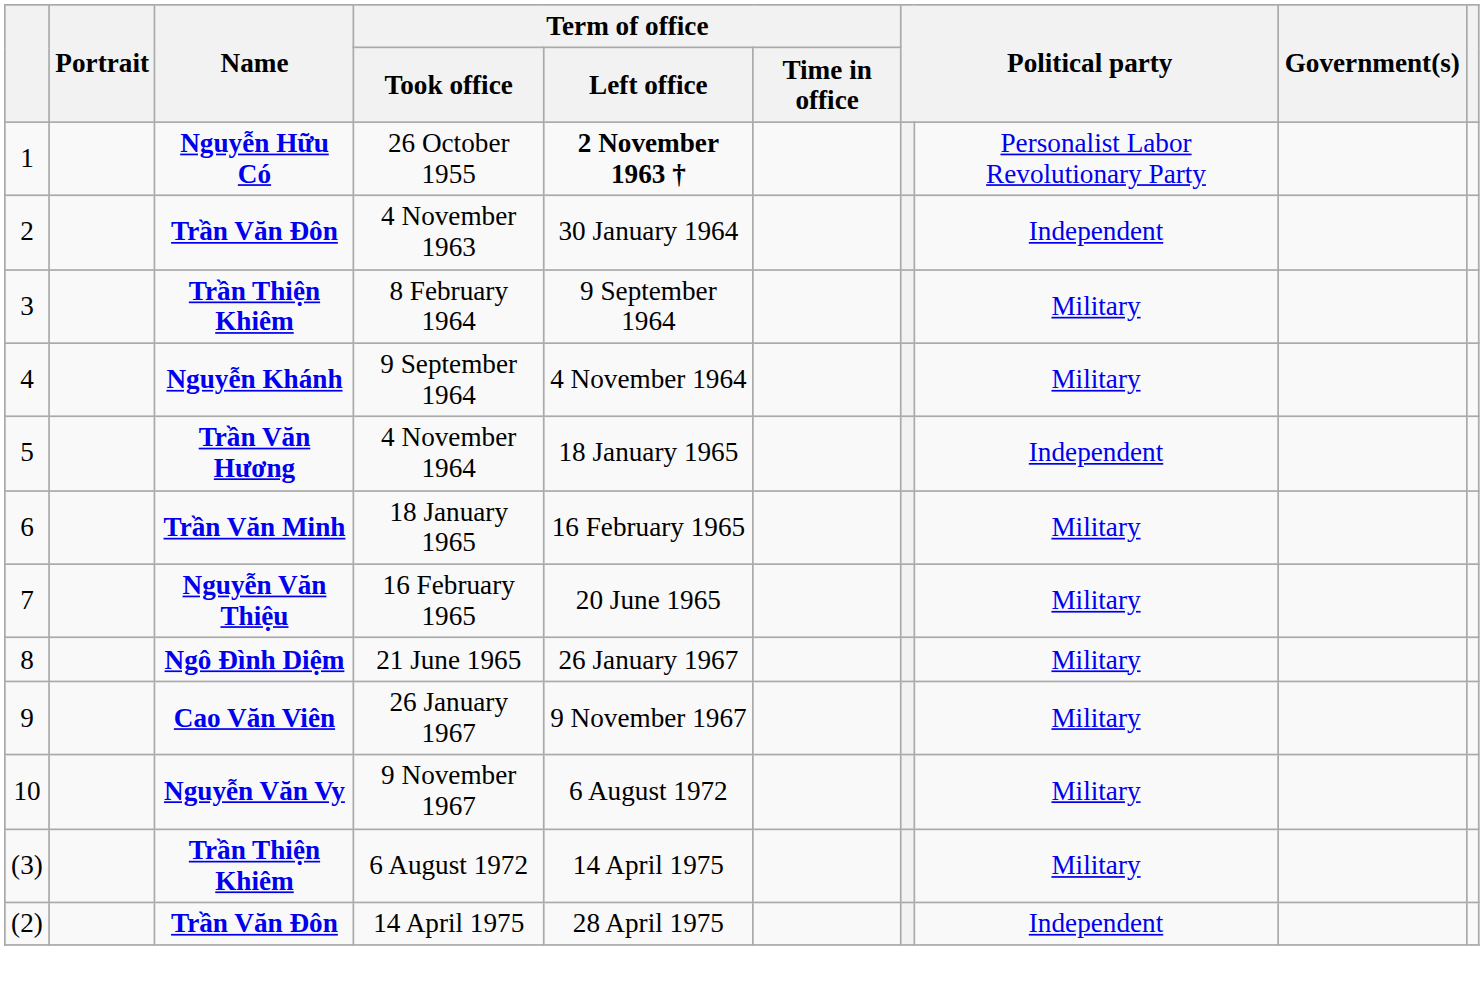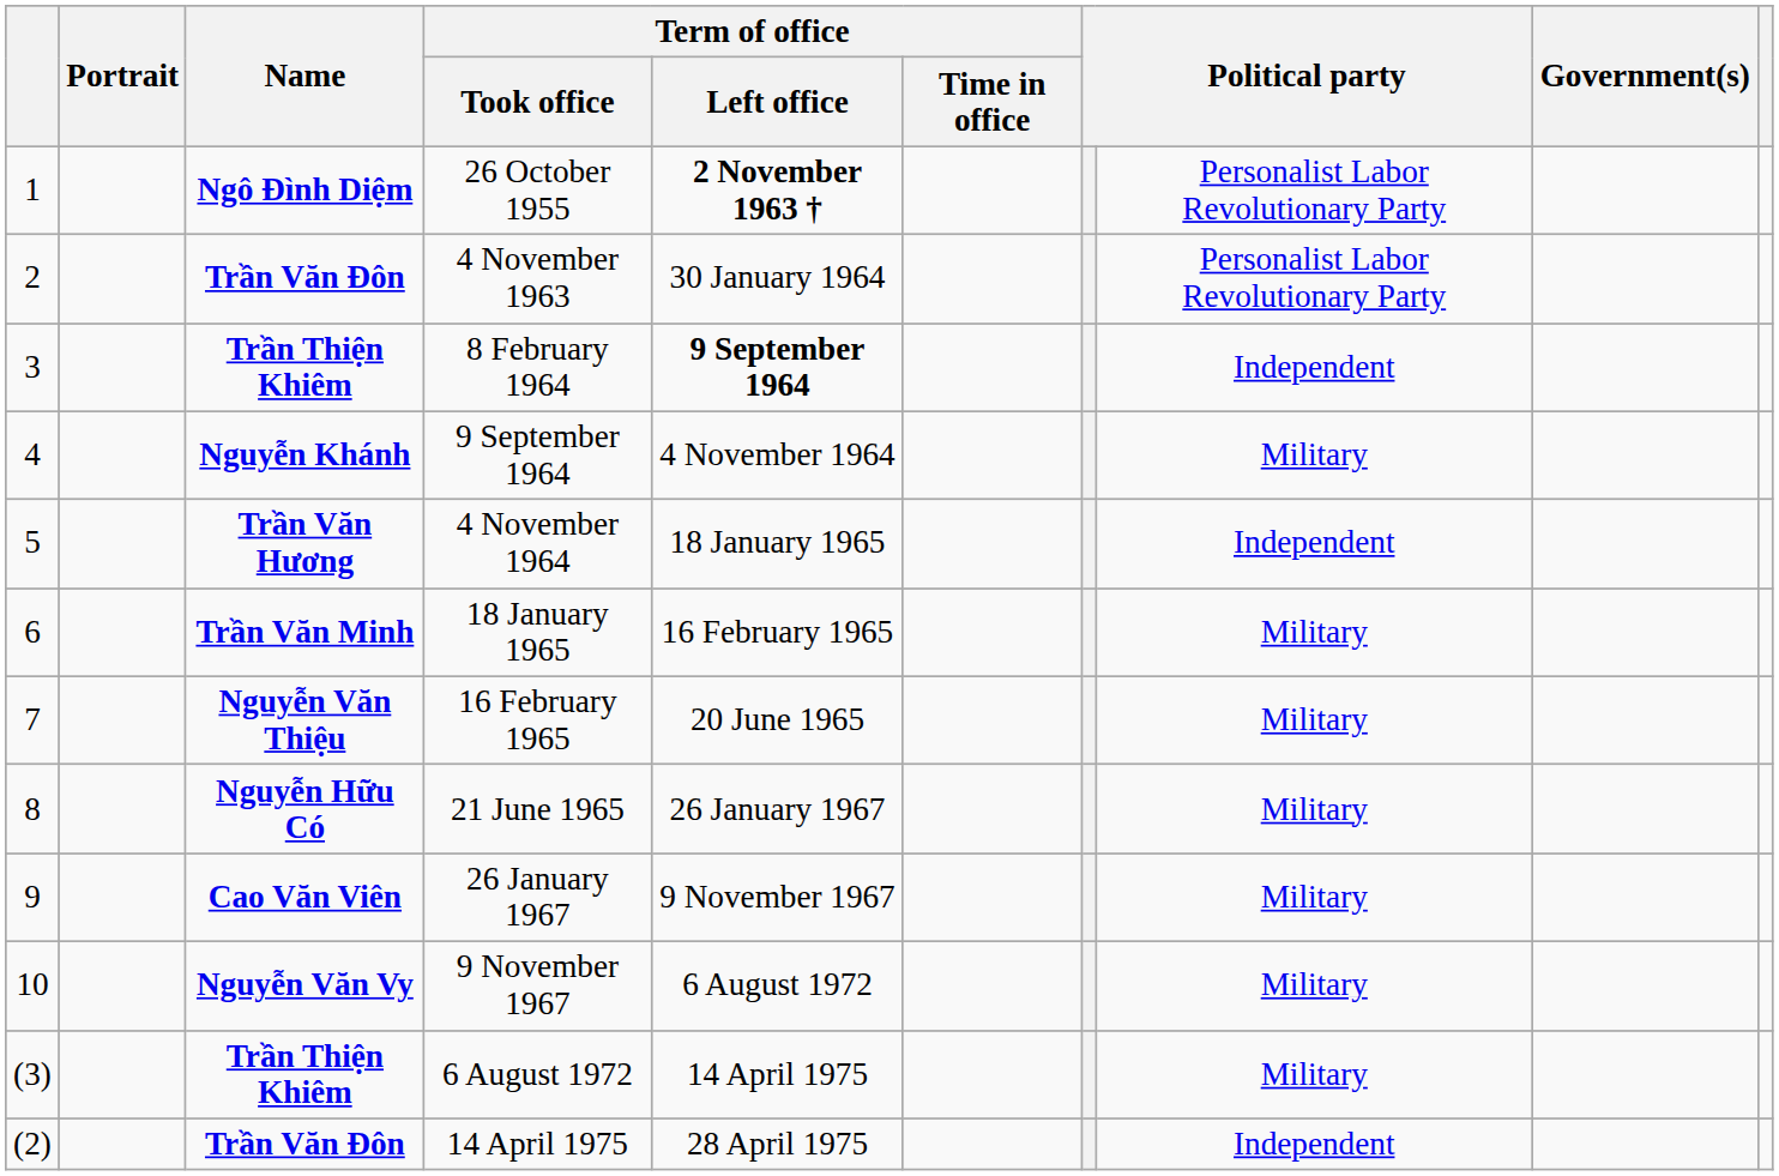 <table class="wikitable" style="text-align:center">
 <tr>
 <th rowspan=2></th>
 <th rowspan=2>Portrait</th>
 <th rowspan=2>Name<br></th>
 <th colspan=3>Term of office</th>
 <th colspan=2 rowspan=2>Political party</th>
 <th rowspan="2">Government(s)</th>
 <th rowspan="2"></th>
 </tr>
 <tr>
 <th>Took office</th>
 <th>Left office</th>
 <th>Time in office</th>
 </tr>
 <tr>
 <td>1</td>
 <td></td>
-<td><strong><a href='#'>Nguyễn Hữu Có</a></strong><br></td>
+<td><strong><a href='#'>Ngô Đình Diệm</a></strong><br></td>
 <td>26 October 1955</td>
 <td><strong>2 November 1963 †</strong></td>
 <td></td>
 <th style="background:"></th>
 <td><a href='#'>Personalist Labor Revolutionary Party</a></td>
 <td></td>
 <td></td>
 </tr>
 <tr>
 <td>2</td>
 <td></td>
 <td><strong><a href='#'>Trần Văn Đôn</a></strong><br></td>
 <td>4 November 1963</td>
 <td>30 January 1964</td>
 <td></td>
 <th style="background:"></th>
-<td><a href='#'>Independent</a></td>
+<td><a href='#'>Personalist Labor Revolutionary Party</a></td>
 <td></td>
 <td></td>
 </tr>
 <tr>
 <td>3</td>
 <td></td>
 <td><strong><a href='#'>Trần Thiện Khiêm</a></strong><br></td>
 <td>8 February 1964</td>
-<td>9 September 1964</td>
+<td><strong>9 September 1964</strong></td>
 <td></td>
 <th style="background:"></th>
-<td><a href='#'>Military</a></td>
+<td><a href='#'>Independent</a></td>
 <td></td>
 <td></td>
 </tr>
 <tr>
 <td>4</td>
 <td></td>
 <td><strong><a href='#'>Nguyễn Khánh</a></strong><br></td>
 <td>9 September 1964</td>
 <td>4 November 1964</td>
 <td></td>
 <th style="background:"></th>
 <td><a href='#'>Military</a></td>
 <td></td>
 <td></td>
 </tr>
 <tr>
 <td>5</td>
 <td></td>
 <td><strong><a href='#'>Trần Văn Hương</a></strong><br></td>
 <td>4 November 1964</td>
 <td>18 January 1965</td>
 <td></td>
 <th style="background:"></th>
 <td><a href='#'>Independent</a></td>
 <td></td>
 <td></td>
 </tr>
 <tr>
 <td>6</td>
 <td></td>
 <td><strong><a href='#'>Trần Văn Minh</a></strong><br></td>
 <td>18 January 1965</td>
 <td>16 February 1965</td>
 <td></td>
 <th style="background:"></th>
 <td><a href='#'>Military</a></td>
 <td></td>
 <td></td>
 </tr>
 <tr>
 <td>7</td>
 <td></td>
 <td><strong><a href='#'>Nguyễn Văn Thiệu</a></strong><br></td>
 <td>16 February 1965</td>
 <td>20 June 1965</td>
 <td></td>
 <th style="background:"></th>
 <td><a href='#'>Military</a></td>
 <td></td>
 <td></td>
 </tr>
 <tr>
 <td>8</td>
 <td></td>
-<td><strong><a href='#'>Ngô Đình Diệm</a></strong><br></td>
+<td><strong><a href='#'>Nguyễn Hữu Có</a></strong><br></td>
 <td>21 June 1965</td>
 <td>26 January 1967</td>
 <td></td>
 <th style="background:"></th>
 <td><a href='#'>Military</a></td>
 <td></td>
 <td></td>
 </tr>
 <tr>
 <td>9</td>
 <td></td>
 <td><strong><a href='#'>Cao Văn Viên</a></strong><br></td>
 <td>26 January 1967</td>
 <td>9 November 1967</td>
 <td></td>
 <th style="background:"></th>
 <td><a href='#'>Military</a></td>
 <td></td>
 <td></td>
 </tr>
 <tr>
 <td>10</td>
 <td></td>
 <td><strong><a href='#'>Nguyễn Văn Vy</a></strong><br></td>
 <td>9 November 1967</td>
 <td>6 August 1972</td>
 <td></td>
 <th style="background:"></th>
 <td><a href='#'>Military</a></td>
 <td></td>
 <td></td>
 </tr>
 <tr>
 <td>(3)</td>
 <td></td>
 <td><strong><a href='#'>Trần Thiện Khiêm</a></strong><br></td>
 <td>6 August 1972</td>
 <td>14 April 1975</td>
 <td></td>
 <th style="background:"></th>
 <td><a href='#'>Military</a></td>
 <td></td>
 <td></td>
 </tr>
 <tr>
 <td>(2)</td>
 <td></td>
 <td><strong><a href='#'>Trần Văn Đôn</a></strong><br></td>
 <td>14 April 1975</td>
 <td>28 April 1975</td>
 <td></td>
 <th style="background:"></th>
 <td><a href='#'>Independent</a></td>
 <td></td>
 <td></td>
 </tr>
 </table>
